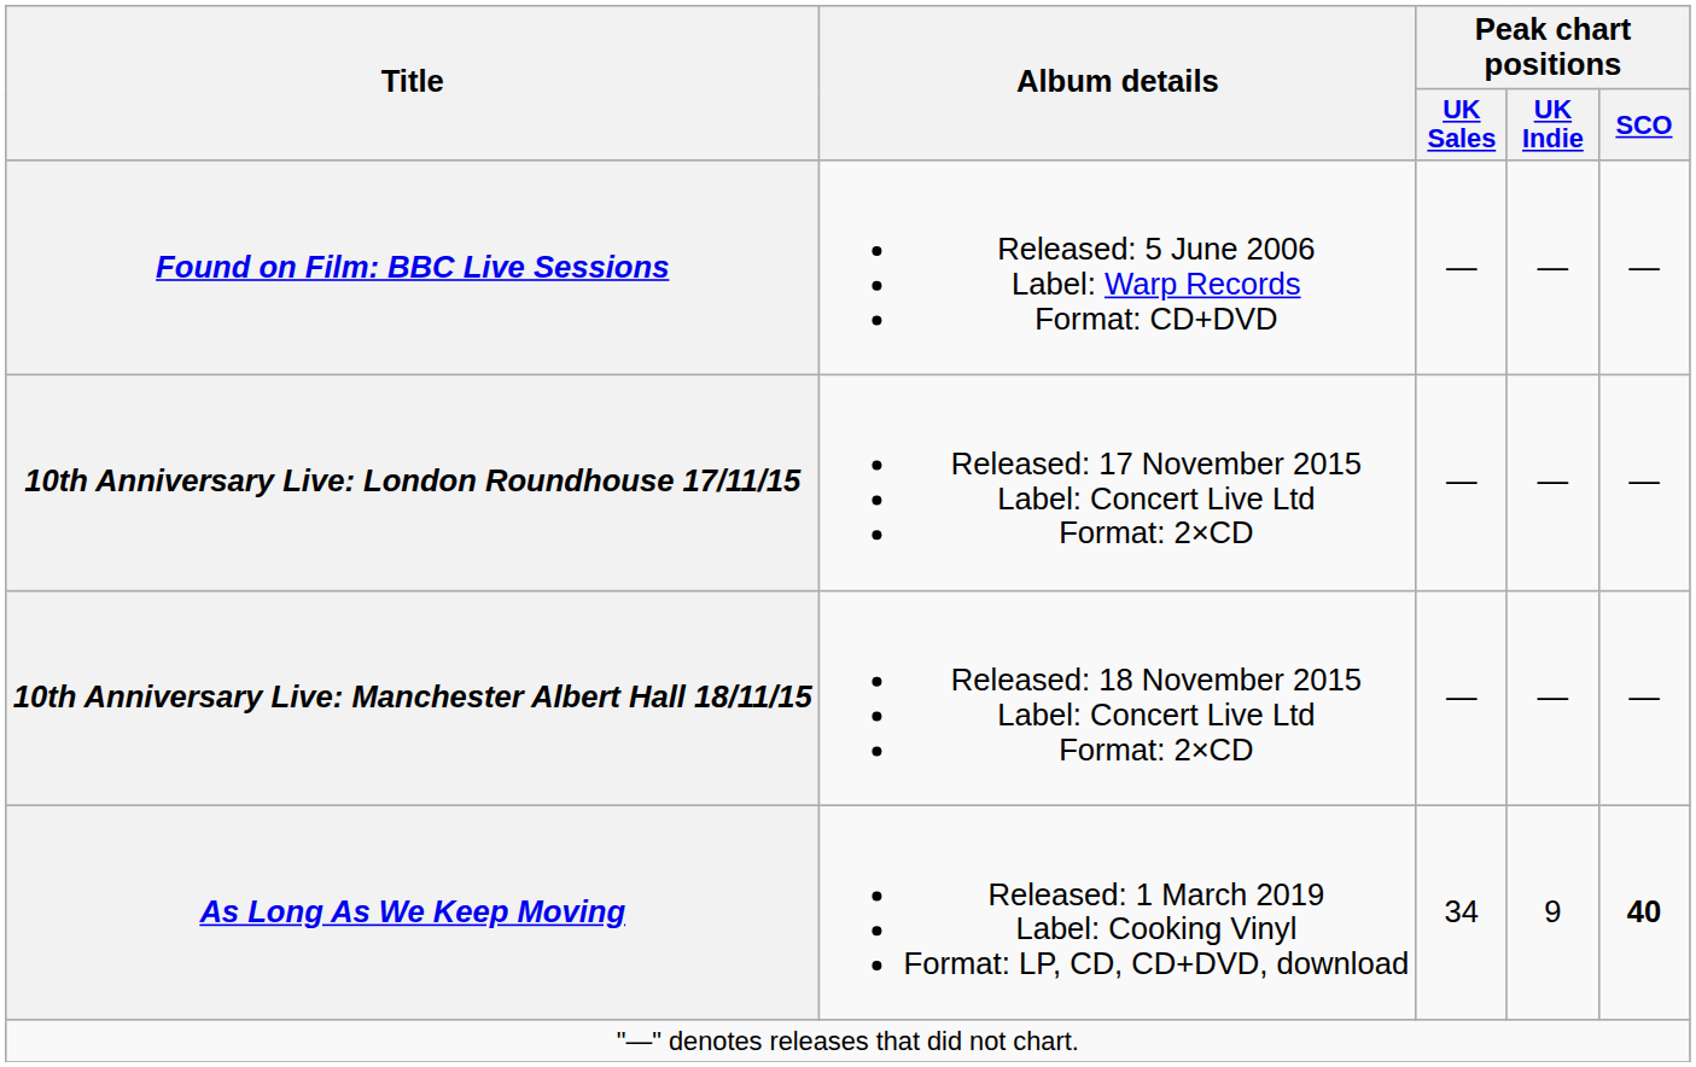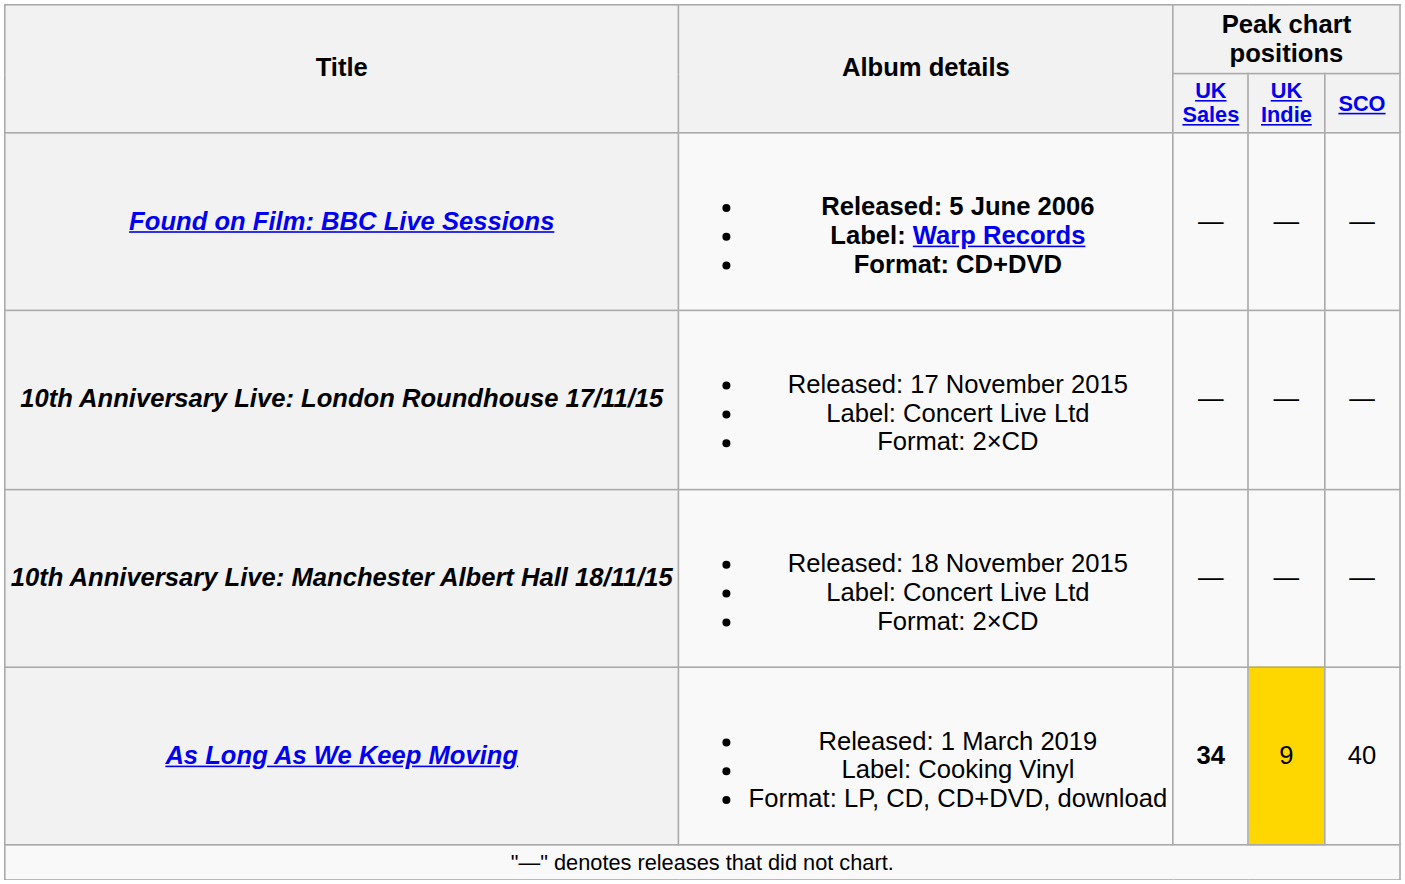 <table class="wikitable plainrowheaders" style="text-align:center;">
 <tr>
 <th scope="col" rowspan="2">Title</th>
 <th scope="col" rowspan="2">Album details</th>
 <th scope="col" colspan="3">Peak chart positions</th>
 </tr>
 <tr>
 <th scope="col" style="width:3em;font-size:85%;"><a href='#'>UK<br>Sales</a><br></th>
 <th scope="col" style="width:3em;font-size:85%;"><a href='#'>UK<br>Indie</a><br></th>
 <th scope="col" style="width:3em;font-size:85%;"><a href='#'>SCO</a><br></th>
 </tr>
 <tr>
 <th scope="row"><em><a href='#'>Found on Film: BBC Live Sessions</a></em></th>
-<td><br><ul><li>Released: 5 June 2006</li><li>Label: <a href='#'>Warp Records</a></li><li>Format: CD+DVD</li></ul></td>
+<td><strong><br><ul><li>Released: 5 June 2006</li><li>Label: <a href='#'>Warp Records</a></li><li>Format: CD+DVD</li></ul></strong></td>
 <td>—</td>
 <td>—</td>
 <td>—</td>
 </tr>
 <tr>
 <th scope="row"><em>10th Anniversary Live: London Roundhouse 17/11/15</em></th>
 <td><br><ul><li>Released: 17 November 2015</li><li>Label: Concert Live Ltd</li><li>Format: 2×CD</li></ul></td>
 <td>—</td>
 <td>—</td>
 <td>—</td>
 </tr>
 <tr>
 <th scope="row"><em>10th Anniversary Live: Manchester Albert Hall 18/11/15</em></th>
 <td><br><ul><li>Released: 18 November 2015</li><li>Label: Concert Live Ltd</li><li>Format: 2×CD</li></ul></td>
 <td>—</td>
 <td>—</td>
 <td>—</td>
 </tr>
 <tr>
 <th scope="row"><em><a href='#'>As Long As We Keep Moving</a></em></th>
 <td><br><ul><li>Released: 1 March 2019</li><li>Label: Cooking Vinyl</li><li>Format: LP, CD, CD+DVD, download</li></ul></td>
-<td>34</td>
-<td>9</td>
-<td><strong>40</strong></td>
+<td><strong>34</strong></td>
+<td style="background: gold;">9</td>
+<td>40</td>
 </tr>
 <tr>
 <td align="center" colspan="13" style="font-size: 85%">"—" denotes releases that did not chart.</td>
 </tr>
 </table>
